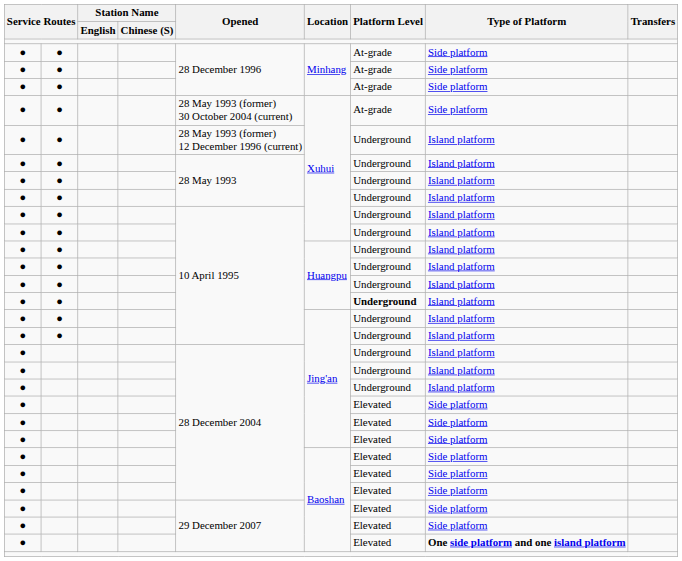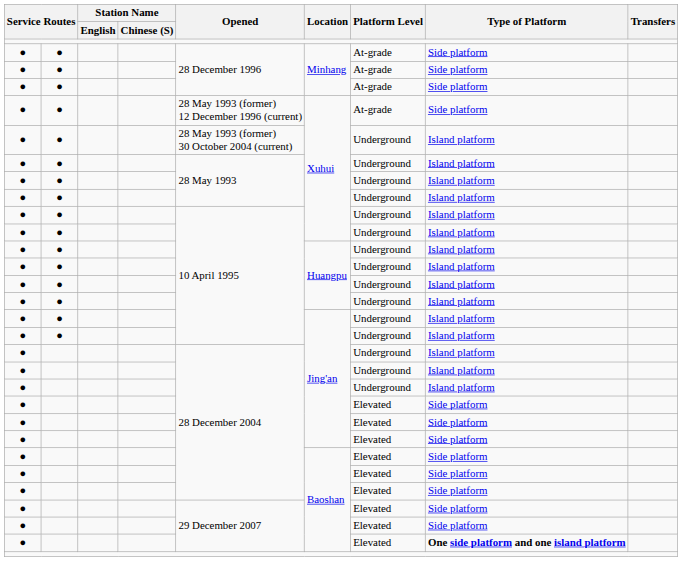 <table class=wikitable>
 <tr>
 <th colspan=2 rowspan=2 style="text-align:center;">Service Routes</th>
 <th colspan=2 style="text-align:center;">Station Name</th>
 <th rowspan=2>Opened</th>
 <th rowspan=2 style="text-align:center;">Location</th>
 <th rowspan=2>Platform Level</th>
 <th rowspan=2>Type of Platform</th>
 <th rowspan=2 style="text-align:center;">Transfers</th>
 </tr>
 <tr>
 <th>English</th>
 <th>Chinese (S)</th>
 </tr>
 <tr style=background:#>
 <td colspan=9></td>
 </tr>
 <tr>
 <td align=center>●</td>
 <td align=center>●</td>
 <td></td>
 <td><span></span></td>
 <td rowspan=3>28 December 1996</td>
 <td rowspan=3><a href='#'>Minhang</a></td>
 <td>At-grade</td>
 <td><a href='#'>Side platform</a></td>
 <td> <br></td>
 </tr>
 <tr>
 <td align="center">●</td>
 <td align="center">●</td>
 <td></td>
 <td><span></span></td>
 <td>At-grade</td>
 <td><a href='#'>Side platform</a></td>
 <td></td>
 </tr>
 <tr>
 <td align=center>●</td>
 <td align=center>●</td>
 <td></td>
 <td><span></span></td>
 <td>At-grade</td>
 <td><a href='#'>Side platform</a></td>
 <td></td>
 </tr>
 <tr>
 <td align=center>●</td>
 <td align=center>●</td>
 <td></td>
 <td><span></span></td>
-<td>28 May 1993 (former)<br>30 October 2004 (current)</td>
+<td>28 May 1993 (former) <br>12 December 1996 (current)</td>
 <td rowspan=7><a href='#'>Xuhui</a></td>
 <td>At-grade</td>
 <td><a href='#'>Side platform</a></td>
 <td></td>
 </tr>
 <tr>
 <td align=center>●</td>
 <td align=center>●</td>
 <td></td>
 <td><span></span></td>
-<td>28 May 1993 (former) <br>12 December 1996 (current)</td>
+<td>28 May 1993 (former)<br>30 October 2004 (current)</td>
 <td>Underground</td>
 <td><a href='#'>Island platform</a></td>
 <td> <br></td>
 </tr>
 <tr>
 <td align=center>●</td>
 <td align=center>●</td>
 <td></td>
 <td><span></span></td>
 <td rowspan=3>28 May 1993</td>
 <td>Underground</td>
 <td><a href='#'>Island platform</a></td>
 <td></td>
 </tr>
 <tr>
 <td align=center>●</td>
 <td align=center>●</td>
 <td></td>
 <td><span></span></td>
 <td>Underground</td>
 <td><a href='#'>Island platform</a></td>
 <td></td>
 </tr>
 <tr>
 <td align=center>●</td>
 <td align=center>●</td>
 <td></td>
 <td><span></span></td>
 <td>Underground</td>
 <td><a href='#'>Island platform</a></td>
 <td></td>
 </tr>
 <tr>
 <td align=center>●</td>
 <td align=center>●</td>
 <td></td>
 <td><span></span></td>
 <td rowspan=8>10 April 1995</td>
 <td>Underground</td>
 <td><a href='#'>Island platform</a></td>
 <td></td>
 </tr>
 <tr>
 <td align=center>●</td>
 <td align=center>●</td>
 <td></td>
 <td><span></span></td>
 <td>Underground</td>
 <td><a href='#'>Island platform</a></td>
 <td></td>
 </tr>
 <tr>
 <td align=center>●</td>
 <td align=center>●</td>
 <td></td>
 <td><span></span></td>
 <td rowspan=4><a href='#'>Huangpu</a></td>
 <td>Underground</td>
 <td><a href='#'>Island platform</a></td>
 <td></td>
 </tr>
 <tr>
 <td align=center>●</td>
 <td align=center>●</td>
 <td></td>
 <td><span></span></td>
 <td>Underground</td>
 <td><a href='#'>Island platform</a></td>
 <td></td>
 </tr>
 <tr>
 <td align=center>●</td>
 <td align=center>●</td>
 <td></td>
 <td><span></span></td>
 <td>Underground</td>
 <td><a href='#'>Island platform</a></td>
 <td></td>
 </tr>
 <tr>
 <td align=center>●</td>
 <td align=center>●</td>
 <td></td>
 <td><span></span></td>
-<td><strong>Underground</strong></td>
+<td>Underground</td>
 <td><a href='#'>Island platform</a></td>
 <td></td>
 </tr>
 <tr>
 <td align=center>●</td>
 <td align=center>●</td>
 <td></td>
 <td><span></span></td>
 <td rowspan=8><a href='#'>Jing'an</a></td>
 <td>Underground</td>
 <td><a href='#'>Island platform</a></td>
 <td></td>
 </tr>
 <tr>
 <td align=center>●</td>
 <td align=center>●</td>
 <td></td>
 <td><span></span></td>
 <td>Underground</td>
 <td><a href='#'>Island platform</a></td>
 <td><br></td>
 </tr>
 <tr>
 <td align=center>●</td>
 <td align=center></td>
 <td></td>
 <td><span></span></td>
 <td rowspan=9>28 December 2004</td>
 <td>Underground</td>
 <td><a href='#'>Island platform</a></td>
 <td></td>
 </tr>
 <tr>
 <td align=center>●</td>
 <td align=center></td>
 <td></td>
 <td><span></span></td>
 <td>Underground</td>
 <td><a href='#'>Island platform</a></td>
 <td></td>
 </tr>
 <tr>
 <td align=center>●</td>
 <td align=center></td>
 <td></td>
 <td><span></span></td>
 <td>Underground</td>
 <td><a href='#'>Island platform</a></td>
 <td></td>
 </tr>
 <tr>
 <td align=center>●</td>
 <td align=center></td>
 <td></td>
 <td><span></span></td>
 <td>Elevated</td>
 <td><a href='#'>Side platform</a></td>
 <td></td>
 </tr>
 <tr>
 <td align=center>●</td>
 <td align=center></td>
 <td></td>
 <td><span></span></td>
 <td>Elevated</td>
 <td><a href='#'>Side platform</a></td>
 <td></td>
 </tr>
 <tr>
 <td align=center>●</td>
 <td align=center></td>
 <td></td>
 <td><span></span></td>
 <td>Elevated</td>
 <td><a href='#'>Side platform</a></td>
 <td></td>
 </tr>
 <tr>
 <td align=center>●</td>
 <td align=center></td>
 <td></td>
 <td><span></span></td>
 <td rowspan=6><a href='#'>Baoshan</a></td>
 <td>Elevated</td>
 <td><a href='#'>Side platform</a></td>
 <td></td>
 </tr>
 <tr>
 <td align=center>●</td>
 <td align=center></td>
 <td></td>
 <td><span></span></td>
 <td>Elevated</td>
 <td><a href='#'>Side platform</a></td>
 <td></td>
 </tr>
 <tr>
 <td align=center>●</td>
 <td align=center></td>
 <td></td>
 <td><span></span></td>
 <td>Elevated</td>
 <td><a href='#'>Side platform</a></td>
 <td></td>
 </tr>
 <tr>
 <td align=center>●</td>
 <td align=center></td>
 <td></td>
 <td><span></span></td>
 <td rowspan=3>29 December 2007</td>
 <td>Elevated</td>
 <td><a href='#'>Side platform</a></td>
 <td></td>
 </tr>
 <tr>
 <td align=center>●</td>
 <td align=center></td>
 <td></td>
 <td><span></span></td>
 <td>Elevated</td>
 <td><a href='#'>Side platform</a></td>
 <td></td>
 </tr>
 <tr>
 <td align=center>●</td>
 <td align=center></td>
 <td></td>
 <td><span></span></td>
 <td>Elevated</td>
 <td><strong>One <a href='#'>side platform</a> and one <a href='#'>island platform</a></strong></td>
 <td></td>
 </tr>
 <tr style=background:#>
 <td colspan=9></td>
 </tr>
 </table>
